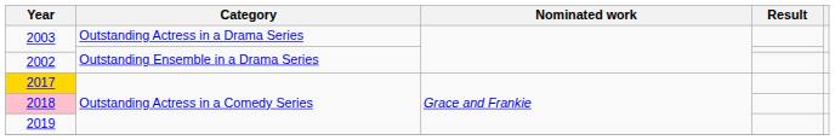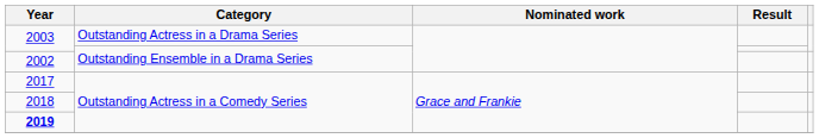 <table class=wikitable>
 <tr>
 <th scope="col" style="width:5em;">Year</th>
 <th scope="col" style="width:26em;">Category</th>
 <th scope="col" style="width:25em;">Nominated work</th>
 <th scope="col" style="width:5em;">Result</th>
 <th></th>
 </tr>
 <tr>
 <td style="text-align:center;", rowspan="2"><a href='#'>2003</a></td>
 <td><a href='#'>Outstanding Actress in a Drama Series</a></td>
 <td rowspan="3"></td>
 <td></td>
 <td style="text-align:center;" rowspan="2"></td>
 </tr>
 <tr>
 <td rowspan=2><a href='#'>Outstanding Ensemble in a Drama Series</a></td>
 <td></td>
 </tr>
 <tr>
 <td style="text-align:center;"><a href='#'>2002</a></td>
 <td></td>
 <td style="text-align:center;"></td>
 </tr>
 <tr>
-<td style="background: gold; text-align:center;"><a href='#'>2017</a></td>
+<td style="text-align:center;"><a href='#'>2017</a></td>
 <td rowspan=3><a href='#'>Outstanding Actress in a Comedy Series</a></td>
 <td rowspan=3><em><a href='#'>Grace and Frankie</a></em></td>
 <td></td>
 <td style="text-align:center;"></td>
 </tr>
 <tr>
-<td style="background: pink; text-align:center;"><a href='#'>2018</a></td>
+<td style="text-align:center;"><a href='#'>2018</a></td>
 <td></td>
 <td style="text-align:center;"></td>
 </tr>
 <tr>
-<td style="text-align:center;"><a href='#'>2019</a></td>
+<td style="text-align:center;"><strong><a href='#'>2019</a></strong></td>
 <td></td>
 <td style="text-align:center;"></td>
 </tr>
 <tr>
 </tr>
 </table>
